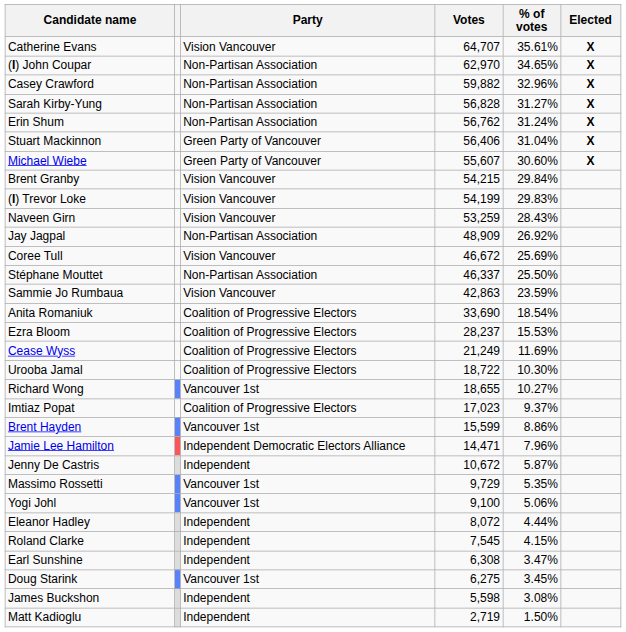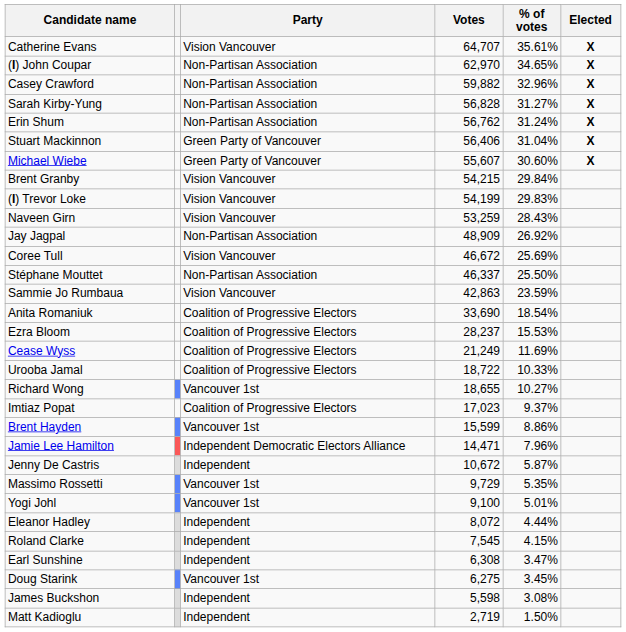 <table class="wikitable sortable" style="margin:5px; width: 65%">
 <tr>
 <th style="width:20%;">Candidate name</th>
 <th class="unsortable" style="width:0.05%;"></th>
 <th style="width:30%;">Party</th>
 <th style="width:8%;">Votes</th>
 <th style="width:5%;">% of votes</th>
 <th style="width:5%;">Elected</th>
 </tr>
 <tr>
 <td data-sort-value="Evans, Catherine">Catherine Evans</td>
 <td style="background:"></td>
 <td>Vision Vancouver</td>
 <td style="text-align: right;">64,707</td>
 <td style="text-align: right;">35.61%</td>
 <td style="text-align: center;"><strong>X</strong></td>
 </tr>
 <tr>
 <td data-sort-value="Coupar, John">(<strong>I</strong>) John Coupar</td>
 <td style="background:"></td>
 <td>Non-Partisan Association</td>
 <td style="text-align: right;">62,970</td>
 <td style="text-align: right;">34.65%</td>
 <td style="text-align: center;"><strong>X</strong></td>
 </tr>
 <tr>
 <td data-sort-value="Crawford, Casey">Casey Crawford</td>
 <td style="background:"></td>
 <td>Non-Partisan Association</td>
 <td style="text-align: right;">59,882</td>
 <td style="text-align: right;">32.96%</td>
 <td style="text-align: center;"><strong>X</strong></td>
 </tr>
 <tr>
 <td data-sort-value="Kirby-Yung, Sarah">Sarah Kirby-Yung</td>
 <td style="background:"></td>
 <td>Non-Partisan Association</td>
 <td style="text-align: right;">56,828</td>
 <td style="text-align: right;">31.27%</td>
 <td style="text-align: center;"><strong>X</strong></td>
 </tr>
 <tr>
 <td data-sort-value="Shum, Erin">Erin Shum</td>
 <td style="background:"></td>
 <td>Non-Partisan Association</td>
 <td style="text-align: right;">56,762</td>
 <td style="text-align: right;">31.24%</td>
 <td style="text-align: center;"><strong>X</strong></td>
 </tr>
 <tr>
 <td data-sort-value="Mackinnon, Stuart">Stuart Mackinnon</td>
 <td style="background:"></td>
 <td>Green Party of Vancouver</td>
 <td style="text-align: right;">56,406</td>
 <td style="text-align: right;">31.04%</td>
 <td style="text-align: center;"><strong>X</strong></td>
 </tr>
 <tr>
 <td data-sort-value="Wiebe, Michael"><a href='#'>Michael Wiebe</a></td>
 <td style="background:"></td>
 <td>Green Party of Vancouver</td>
 <td style="text-align: right;">55,607</td>
 <td style="text-align: right;">30.60%</td>
 <td style="text-align: center;"><strong>X</strong></td>
 </tr>
 <tr>
 <td data-sort-value="Granby, Brent">Brent Granby</td>
 <td style="background:"></td>
 <td>Vision Vancouver</td>
 <td style="text-align: right;">54,215</td>
 <td style="text-align: right;">29.84%</td>
 <td></td>
 </tr>
 <tr>
 <td data-sort-value="Loke, Trevor">(<strong>I</strong>) Trevor Loke</td>
 <td style="background:"></td>
 <td>Vision Vancouver</td>
 <td style="text-align: right;">54,199</td>
 <td style="text-align: right;">29.83%</td>
 <td></td>
 </tr>
 <tr>
 <td data-sort-value="Girn, Naveen">Naveen Girn</td>
 <td style="background:"></td>
 <td>Vision Vancouver</td>
 <td style="text-align: right;">53,259</td>
 <td style="text-align: right;">28.43%</td>
 <td></td>
 </tr>
 <tr>
 <td data-sort-value="Jagpal, Jay">Jay Jagpal</td>
 <td style="background:"></td>
 <td>Non-Partisan Association</td>
 <td style="text-align: right;">48,909</td>
 <td style="text-align: right;">26.92%</td>
 <td></td>
 </tr>
 <tr>
 <td data-sort-value="Tull, Coree">Coree Tull</td>
 <td style="background:"></td>
 <td>Vision Vancouver</td>
 <td style="text-align: right;">46,672</td>
 <td style="text-align: right;">25.69%</td>
 <td></td>
 </tr>
 <tr>
 <td data-sort-value="Mouttet, Stéphane">Stéphane Mouttet</td>
 <td style="background:"></td>
 <td>Non-Partisan Association</td>
 <td style="text-align: right;">46,337</td>
 <td style="text-align: right;">25.50%</td>
 <td></td>
 </tr>
 <tr>
 <td data-sort-value="Rumbaua, Sammie Jo">Sammie Jo Rumbaua</td>
 <td style="background:"></td>
 <td>Vision Vancouver</td>
 <td style="text-align: right;">42,863</td>
 <td style="text-align: right;">23.59%</td>
 <td></td>
 </tr>
 <tr>
 <td data-sort-value="Romaniuk, Anita">Anita Romaniuk</td>
 <td style="background:"></td>
 <td>Coalition of Progressive Electors</td>
 <td style="text-align: right;">33,690</td>
 <td style="text-align: right;">18.54%</td>
 <td></td>
 </tr>
 <tr>
 <td data-sort-value="Bloom, Ezra">Ezra Bloom</td>
 <td style="background:"></td>
 <td>Coalition of Progressive Electors</td>
 <td style="text-align: right;">28,237</td>
 <td style="text-align: right;">15.53%</td>
 <td></td>
 </tr>
 <tr>
 <td data-sort-value="Wyss, Cease"><a href='#'>Cease Wyss</a></td>
 <td style="background:"></td>
 <td>Coalition of Progressive Electors</td>
 <td style="text-align: right;">21,249</td>
 <td style="text-align: right;">11.69%</td>
 <td></td>
 </tr>
 <tr>
 <td data-sort-value="Jamal, Urooba">Urooba Jamal</td>
 <td style="background:"></td>
 <td>Coalition of Progressive Electors</td>
 <td style="text-align: right;">18,722</td>
-<td style="text-align: right;">10.30%</td>
+<td style="text-align: right;">10.33%</td>
 <td></td>
 </tr>
 <tr>
 <td data-sort-value="Wong, Richard">Richard Wong</td>
 <td style="background:#5882FA;"></td>
 <td>Vancouver 1st</td>
 <td style="text-align: right;">18,655</td>
 <td style="text-align: right;">10.27%</td>
 <td></td>
 </tr>
 <tr>
 <td data-sort-value="Popat, Imtiaz">Imtiaz Popat</td>
 <td style="background:"></td>
 <td>Coalition of Progressive Electors</td>
 <td style="text-align: right;">17,023</td>
 <td style="text-align: right;">9.37%</td>
 <td></td>
 </tr>
 <tr>
 <td data-sort-value="Hayden, Brent"><a href='#'>Brent Hayden</a></td>
 <td style="background:#5882FA;"></td>
 <td>Vancouver 1st</td>
 <td style="text-align: right;">15,599</td>
 <td style="text-align: right;">8.86%</td>
 <td></td>
 </tr>
 <tr>
 <td data-sort-value="Hamilton, Jamie Lee"><a href='#'>Jamie Lee Hamilton</a></td>
 <td style="background:#FA5858;"></td>
 <td>Independent Democratic Electors Alliance</td>
 <td style="text-align: right;">14,471</td>
 <td style="text-align: right;">7.96%</td>
 <td></td>
 </tr>
 <tr>
 <td data-sort-value="De Castris, Jenny">Jenny De Castris</td>
 <td style="background:gainsboro;"></td>
 <td>Independent</td>
 <td style="text-align: right;">10,672</td>
 <td style="text-align: right;">5.87%</td>
 <td></td>
 </tr>
 <tr>
 <td data-sort-value="Rossetti, Massimo">Massimo Rossetti</td>
 <td style="background:#5882FA;"></td>
 <td>Vancouver 1st</td>
 <td style="text-align: right;">9,729</td>
 <td style="text-align: right;">5.35%</td>
 <td></td>
 </tr>
 <tr>
 <td data-sort-value="Johl, Yogi">Yogi Johl</td>
 <td style="background:#5882FA;"></td>
 <td>Vancouver 1st</td>
 <td style="text-align: right;">9,100</td>
-<td style="text-align: right;">5.06%</td>
+<td style="text-align: right;">5.01%</td>
 <td></td>
 </tr>
 <tr>
 <td data-sort-value="Hadley, Eleanor">Eleanor Hadley</td>
 <td style="background:gainsboro;"></td>
 <td>Independent</td>
 <td style="text-align: right;">8,072</td>
 <td style="text-align: right;">4.44%</td>
 <td></td>
 </tr>
 <tr>
 <td data-sort-value="Clarke, Roland">Roland Clarke</td>
 <td style="background:gainsboro;"></td>
 <td>Independent</td>
 <td style="text-align: right;">7,545</td>
 <td style="text-align: right;">4.15%</td>
 <td></td>
 </tr>
 <tr>
 <td data-sort-value="Sunshine, Earl">Earl Sunshine</td>
 <td style="background:gainsboro;"></td>
 <td>Independent</td>
 <td style="text-align: right;">6,308</td>
 <td style="text-align: right;">3.47%</td>
 <td></td>
 </tr>
 <tr>
 <td data-sort-value="Starink, Doug">Doug Starink</td>
 <td style="background:#5882FA;"></td>
 <td>Vancouver 1st</td>
 <td style="text-align: right;">6,275</td>
 <td style="text-align: right;">3.45%</td>
 <td></td>
 </tr>
 <tr>
 <td data-sort-value="Buckshon, James">James Buckshon</td>
 <td style="background:gainsboro;"></td>
 <td>Independent</td>
 <td style="text-align: right;">5,598</td>
 <td style="text-align: right;">3.08%</td>
 <td></td>
 </tr>
 <tr>
 <td data-sort-value="Kadioglu, Matt">Matt Kadioglu</td>
 <td style="background:gainsboro;"></td>
 <td>Independent</td>
 <td style="text-align: right;">2,719</td>
 <td style="text-align: right;">1.50%</td>
 <td></td>
 </tr>
 </table>
